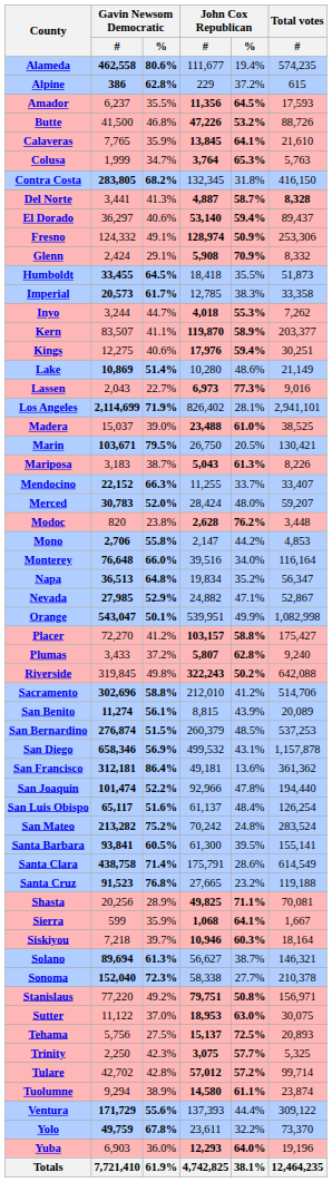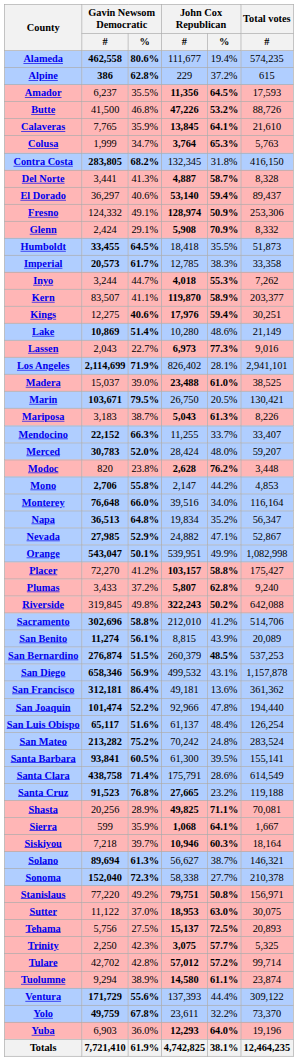 <table class="wikitable sortable" style="font-size: 95%">
 <tr>
 <th rowspan="2">County</th>
 <th colspan="2">Gavin Newsom<br>Democratic</th>
 <th colspan="2">John Cox<br>Republican</th>
 <th>Total votes</th>
 </tr>
 <tr>
 <th>#</th>
 <th>%</th>
 <th>#</th>
 <th>%</th>
 <th>#</th>
 </tr>
 <tr>
 <td bgcolor=#B0CEFF align="center"><strong><a href='#'>Alameda</a></strong></td>
 <td bgcolor=#B0CEFF align="center"><strong>462,558</strong></td>
 <td bgcolor=#B0CEFF align="center"><strong>80.6%</strong></td>
 <td bgcolor=#B0CEFF align="center">111,677</td>
 <td bgcolor=#B0CEFF align="center">19.4%</td>
 <td bgcolor=#B0CEFF align="center">574,235</td>
 </tr>
 <tr>
 <td bgcolor=#B0CEFF align="center"><strong><a href='#'>Alpine</a></strong></td>
 <td bgcolor=#B0CEFF align="center"><strong>386</strong></td>
 <td bgcolor=#B0CEFF align="center"><strong>62.8%</strong></td>
 <td bgcolor=#B0CEFF align="center">229</td>
 <td bgcolor=#B0CEFF align="center">37.2%</td>
 <td bgcolor=#B0CEFF align="center">615</td>
 </tr>
 <tr>
 <td bgcolor=#FFB6B6 align="center"><strong><a href='#'>Amador</a></strong></td>
 <td bgcolor=#FFB6B6 align="center">6,237</td>
 <td bgcolor=#FFB6B6 align="center">35.5%</td>
 <td bgcolor=#FFB6B6 align="center"><strong>11,356</strong></td>
 <td bgcolor=#FFB6B6 align="center"><strong>64.5%</strong></td>
 <td bgcolor=#FFB6B6 align="center">17,593</td>
 </tr>
 <tr>
 <td bgcolor=#FFB6B6 align="center"><strong><a href='#'>Butte</a></strong></td>
 <td bgcolor=#FFB6B6 align="center">41,500</td>
 <td bgcolor=#FFB6B6 align="center">46.8%</td>
 <td bgcolor=#FFB6B6 align="center"><strong>47,226</strong></td>
 <td bgcolor=#FFB6B6 align="center"><strong>53.2%</strong></td>
 <td bgcolor=#FFB6B6 align="center">88,726</td>
 </tr>
 <tr>
 <td bgcolor=#FFB6B6 align="center"><strong><a href='#'>Calaveras</a></strong></td>
 <td bgcolor=#FFB6B6 align="center">7,765</td>
 <td bgcolor=#FFB6B6 align="center">35.9%</td>
 <td bgcolor=#FFB6B6 align="center"><strong>13,845</strong></td>
 <td bgcolor=#FFB6B6 align="center"><strong>64.1%</strong></td>
 <td bgcolor=#FFB6B6 align="center">21,610</td>
 </tr>
 <tr>
 <td bgcolor=#FFB6B6 align="center"><strong><a href='#'>Colusa</a></strong></td>
 <td bgcolor=#FFB6B6 align="center">1,999</td>
 <td bgcolor=#FFB6B6 align="center">34.7%</td>
 <td bgcolor=#FFB6B6 align="center"><strong>3,764</strong></td>
 <td bgcolor=#FFB6B6 align="center"><strong>65.3%</strong></td>
 <td bgcolor=#FFB6B6 align="center">5,763</td>
 </tr>
 <tr>
 <td bgcolor=#B0CEFF align="center"><strong><a href='#'>Contra Costa</a></strong></td>
 <td bgcolor=#B0CEFF align="center"><strong>283,805</strong></td>
 <td bgcolor=#B0CEFF align="center"><strong>68.2%</strong></td>
 <td bgcolor=#B0CEFF align="center">132,345</td>
 <td bgcolor=#B0CEFF align="center">31.8%</td>
 <td bgcolor=#B0CEFF align="center">416,150</td>
 </tr>
 <tr>
 <td bgcolor=#FFB6B6 align="center"><strong><a href='#'>Del Norte</a></strong></td>
 <td bgcolor=#FFB6B6 align="center">3,441</td>
 <td bgcolor=#FFB6B6 align="center">41.3%</td>
 <td bgcolor=#FFB6B6 align="center"><strong>4,887</strong></td>
 <td bgcolor=#FFB6B6 align="center"><strong>58.7%</strong></td>
-<td bgcolor=#FFB6B6 align="center"><strong>8,328</strong></td>
+<td bgcolor=#FFB6B6 align="center">8,328</td>
 </tr>
 <tr>
 <td bgcolor=#FFB6B6 align="center"><strong><a href='#'>El Dorado</a></strong></td>
 <td bgcolor=#FFB6B6 align="center">36,297</td>
 <td bgcolor=#FFB6B6 align="center">40.6%</td>
 <td bgcolor=#FFB6B6 align="center"><strong>53,140</strong></td>
 <td bgcolor=#FFB6B6 align="center"><strong>59.4%</strong></td>
 <td bgcolor=#FFB6B6 align="center">89,437</td>
 </tr>
 <tr>
 <td bgcolor=#FFB6B6 align="center"><strong><a href='#'>Fresno</a></strong></td>
 <td bgcolor=#FFB6B6 align="center">124,332</td>
 <td bgcolor=#FFB6B6 align="center">49.1%</td>
 <td bgcolor=#FFB6B6 align="center"><strong>128,974</strong></td>
 <td bgcolor=#FFB6B6 align="center"><strong>50.9%</strong></td>
 <td bgcolor=#FFB6B6 align="center">253,306</td>
 </tr>
 <tr>
 <td bgcolor=#FFB6B6 align="center"><strong><a href='#'>Glenn</a></strong></td>
 <td bgcolor=#FFB6B6 align="center">2,424</td>
 <td bgcolor=#FFB6B6 align="center">29.1%</td>
 <td bgcolor=#FFB6B6 align="center"><strong>5,908</strong></td>
 <td bgcolor=#FFB6B6 align="center"><strong>70.9%</strong></td>
 <td bgcolor=#FFB6B6 align="center">8,332</td>
 </tr>
 <tr>
 <td bgcolor=#B0CEFF align="center"><strong><a href='#'>Humboldt</a></strong></td>
 <td bgcolor=#B0CEFF align="center"><strong>33,455</strong></td>
 <td bgcolor=#B0CEFF align="center"><strong>64.5%</strong></td>
 <td bgcolor=#B0CEFF align="center">18,418</td>
 <td bgcolor=#B0CEFF align="center">35.5%</td>
 <td bgcolor=#B0CEFF align="center">51,873</td>
 </tr>
 <tr>
 <td bgcolor=#B0CEFF align="center"><strong><a href='#'>Imperial</a></strong></td>
 <td bgcolor=#B0CEFF align="center"><strong>20,573</strong></td>
 <td bgcolor=#B0CEFF align="center"><strong>61.7%</strong></td>
 <td bgcolor=#B0CEFF align="center">12,785</td>
 <td bgcolor=#B0CEFF align="center">38.3%</td>
 <td bgcolor=#B0CEFF align="center">33,358</td>
 </tr>
 <tr>
 <td bgcolor=#FFB6B6 align="center"><strong><a href='#'>Inyo</a></strong></td>
 <td bgcolor=#FFB6B6 align="center">3,244</td>
 <td bgcolor=#FFB6B6 align="center">44.7%</td>
 <td bgcolor=#FFB6B6 align="center"><strong>4,018</strong></td>
 <td bgcolor=#FFB6B6 align="center"><strong>55.3%</strong></td>
 <td bgcolor=#FFB6B6 align="center">7,262</td>
 </tr>
 <tr>
 <td bgcolor=#FFB6B6 align="center"><strong><a href='#'>Kern</a></strong></td>
 <td bgcolor=#FFB6B6 align="center">83,507</td>
 <td bgcolor=#FFB6B6 align="center">41.1%</td>
 <td bgcolor=#FFB6B6 align="center"><strong>119,870</strong></td>
 <td bgcolor=#FFB6B6 align="center"><strong>58.9%</strong></td>
 <td bgcolor=#FFB6B6 align="center">203,377</td>
 </tr>
 <tr>
 <td bgcolor=#FFB6B6 align="center"><strong><a href='#'>Kings</a></strong></td>
 <td bgcolor=#FFB6B6 align="center">12,275</td>
-<td bgcolor=#FFB6B6 align="center">40.6%</td>
+<td bgcolor=#FFB6B6 align="center"><strong>40.6%</strong></td>
 <td bgcolor=#FFB6B6 align="center"><strong>17,976</strong></td>
 <td bgcolor=#FFB6B6 align="center"><strong>59.4%</strong></td>
 <td bgcolor=#FFB6B6 align="center">30,251</td>
 </tr>
 <tr>
 <td bgcolor=#B0CEFF align="center"><strong><a href='#'>Lake</a></strong></td>
 <td bgcolor=#B0CEFF align="center"><strong>10,869</strong></td>
 <td bgcolor=#B0CEFF align="center"><strong>51.4%</strong></td>
 <td bgcolor=#B0CEFF align="center">10,280</td>
 <td bgcolor=#B0CEFF align="center">48.6%</td>
 <td bgcolor=#B0CEFF align="center">21,149</td>
 </tr>
 <tr>
 <td bgcolor=#FFB6B6 align="center"><strong><a href='#'>Lassen</a></strong></td>
 <td bgcolor=#FFB6B6 align="center">2,043</td>
 <td bgcolor=#FFB6B6 align="center">22.7%</td>
 <td bgcolor=#FFB6B6 align="center"><strong>6,973</strong></td>
 <td bgcolor=#FFB6B6 align="center"><strong>77.3%</strong></td>
 <td bgcolor=#FFB6B6 align="center">9,016</td>
 </tr>
 <tr>
 <td bgcolor=#B0CEFF align="center"><strong><a href='#'>Los Angeles</a></strong></td>
 <td bgcolor=#B0CEFF align="center"><strong>2,114,699</strong></td>
 <td bgcolor=#B0CEFF align="center"><strong>71.9%</strong></td>
 <td bgcolor=#B0CEFF align="center">826,402</td>
 <td bgcolor=#B0CEFF align="center">28.1%</td>
 <td bgcolor=#B0CEFF align="center">2,941,101</td>
 </tr>
 <tr>
 <td bgcolor=#FFB6B6 align="center"><strong><a href='#'>Madera</a></strong></td>
 <td bgcolor=#FFB6B6 align="center">15,037</td>
 <td bgcolor=#FFB6B6 align="center">39.0%</td>
 <td bgcolor=#FFB6B6 align="center"><strong>23,488</strong></td>
 <td bgcolor=#FFB6B6 align="center"><strong>61.0%</strong></td>
 <td bgcolor=#FFB6B6 align="center">38,525</td>
 </tr>
 <tr>
 <td bgcolor=#B0CEFF align="center"><strong><a href='#'>Marin</a></strong></td>
 <td bgcolor=#B0CEFF align="center"><strong>103,671</strong></td>
 <td bgcolor=#B0CEFF align="center"><strong>79.5%</strong></td>
 <td bgcolor=#B0CEFF align="center">26,750</td>
 <td bgcolor=#B0CEFF align="center">20.5%</td>
 <td bgcolor=#B0CEFF align="center">130,421</td>
 </tr>
 <tr>
 <td bgcolor=#FFB6B6 align="center"><strong><a href='#'>Mariposa</a></strong></td>
 <td bgcolor=#FFB6B6 align="center">3,183</td>
 <td bgcolor=#FFB6B6 align="center">38.7%</td>
 <td bgcolor=#FFB6B6 align="center"><strong>5,043</strong></td>
 <td bgcolor=#FFB6B6 align="center"><strong>61.3%</strong></td>
 <td bgcolor=#FFB6B6 align="center">8,226</td>
 </tr>
 <tr>
 <td bgcolor=#B0CEFF align="center"><strong><a href='#'>Mendocino</a></strong></td>
 <td bgcolor=#B0CEFF align="center"><strong>22,152</strong></td>
 <td bgcolor=#B0CEFF align="center"><strong>66.3%</strong></td>
 <td bgcolor=#B0CEFF align="center">11,255</td>
 <td bgcolor=#B0CEFF align="center">33.7%</td>
 <td bgcolor=#B0CEFF align="center">33,407</td>
 </tr>
 <tr>
 <td bgcolor=#B0CEFF align="center"><strong><a href='#'>Merced</a></strong></td>
 <td bgcolor=#B0CEFF align="center"><strong>30,783</strong></td>
 <td bgcolor=#B0CEFF align="center"><strong>52.0%</strong></td>
 <td bgcolor=#B0CEFF align="center">28,424</td>
 <td bgcolor=#B0CEFF align="center">48.0%</td>
 <td bgcolor=#B0CEFF align="center">59,207</td>
 </tr>
 <tr>
 <td bgcolor=#FFB6B6 align="center"><strong><a href='#'>Modoc</a></strong></td>
 <td bgcolor=#FFB6B6 align="center">820</td>
 <td bgcolor=#FFB6B6 align="center">23.8%</td>
 <td bgcolor=#FFB6B6 align="center"><strong>2,628</strong></td>
 <td bgcolor=#FFB6B6 align="center"><strong>76.2%</strong></td>
 <td bgcolor=#FFB6B6 align="center">3,448</td>
 </tr>
 <tr>
 <td bgcolor=#B0CEFF align="center"><strong><a href='#'>Mono</a></strong></td>
 <td bgcolor=#B0CEFF align="center"><strong>2,706</strong></td>
 <td bgcolor=#B0CEFF align="center"><strong>55.8%</strong></td>
 <td bgcolor=#B0CEFF align="center">2,147</td>
 <td bgcolor=#B0CEFF align="center">44.2%</td>
 <td bgcolor=#B0CEFF align="center">4,853</td>
 </tr>
 <tr>
 <td bgcolor=#B0CEFF align="center"><strong><a href='#'>Monterey</a></strong></td>
 <td bgcolor=#B0CEFF align="center"><strong>76,648</strong></td>
 <td bgcolor=#B0CEFF align="center"><strong>66.0%</strong></td>
 <td bgcolor=#B0CEFF align="center">39,516</td>
 <td bgcolor=#B0CEFF align="center">34.0%</td>
 <td bgcolor=#B0CEFF align="center">116,164</td>
 </tr>
 <tr>
 <td bgcolor=#B0CEFF align="center"><strong><a href='#'>Napa</a></strong></td>
 <td bgcolor=#B0CEFF align="center"><strong>36,513</strong></td>
 <td bgcolor=#B0CEFF align="center"><strong>64.8%</strong></td>
 <td bgcolor=#B0CEFF align="center">19,834</td>
 <td bgcolor=#B0CEFF align="center">35.2%</td>
 <td bgcolor=#B0CEFF align="center">56,347</td>
 </tr>
 <tr>
 <td bgcolor=#B0CEFF align="center"><strong><a href='#'>Nevada</a></strong></td>
 <td bgcolor=#B0CEFF align="center"><strong>27,985</strong></td>
 <td bgcolor=#B0CEFF align="center"><strong>52.9%</strong></td>
 <td bgcolor=#B0CEFF align="center">24,882</td>
 <td bgcolor=#B0CEFF align="center">47.1%</td>
 <td bgcolor=#B0CEFF align="center">52,867</td>
 </tr>
 <tr>
 <td bgcolor=#B0CEFF align="center"><strong><a href='#'>Orange</a></strong></td>
 <td bgcolor=#B0CEFF align="center"><strong>543,047</strong></td>
 <td bgcolor=#B0CEFF align="center"><strong>50.1%</strong></td>
 <td bgcolor=#B0CEFF align="center">539,951</td>
 <td bgcolor=#B0CEFF align="center">49.9%</td>
 <td bgcolor=#B0CEFF align="center">1,082,998</td>
 </tr>
 <tr>
 <td bgcolor=#FFB6B6 align="center"><strong><a href='#'>Placer</a></strong></td>
 <td bgcolor=#FFB6B6 align="center">72,270</td>
 <td bgcolor=#FFB6B6 align="center">41.2%</td>
 <td bgcolor=#FFB6B6 align="center"><strong>103,157</strong></td>
 <td bgcolor=#FFB6B6 align="center"><strong>58.8%</strong></td>
 <td bgcolor=#FFB6B6 align="center">175,427</td>
 </tr>
 <tr>
 <td bgcolor=#FFB6B6 align="center"><strong><a href='#'>Plumas</a></strong></td>
 <td bgcolor=#FFB6B6 align="center">3,433</td>
 <td bgcolor=#FFB6B6 align="center">37.2%</td>
 <td bgcolor=#FFB6B6 align="center"><strong>5,807</strong></td>
 <td bgcolor=#FFB6B6 align="center"><strong>62.8%</strong></td>
 <td bgcolor=#FFB6B6 align="center">9,240</td>
 </tr>
 <tr>
 <td bgcolor=#FFB6B6 align="center"><strong><a href='#'>Riverside</a></strong></td>
 <td bgcolor=#FFB6B6 align="center">319,845</td>
 <td bgcolor=#FFB6B6 align="center">49.8%</td>
 <td bgcolor=#FFB6B6 align="center"><strong>322,243</strong></td>
 <td bgcolor=#FFB6B6 align="center"><strong>50.2%</strong></td>
 <td bgcolor=#FFB6B6 align="center">642,088</td>
 </tr>
 <tr>
 <td bgcolor=#B0CEFF align="center"><strong><a href='#'>Sacramento</a></strong></td>
 <td bgcolor=#B0CEFF align="center"><strong>302,696</strong></td>
 <td bgcolor=#B0CEFF align="center"><strong>58.8%</strong></td>
 <td bgcolor=#B0CEFF align="center">212,010</td>
 <td bgcolor=#B0CEFF align="center">41.2%</td>
 <td bgcolor=#B0CEFF align="center">514,706</td>
 </tr>
 <tr>
 <td bgcolor=#B0CEFF align="center"><strong><a href='#'>San Benito</a></strong></td>
 <td bgcolor=#B0CEFF align="center"><strong>11,274</strong></td>
 <td bgcolor=#B0CEFF align="center"><strong>56.1%</strong></td>
 <td bgcolor=#B0CEFF align="center">8,815</td>
 <td bgcolor=#B0CEFF align="center">43.9%</td>
 <td bgcolor=#B0CEFF align="center">20,089</td>
 </tr>
 <tr>
 <td bgcolor=#B0CEFF align="center"><strong><a href='#'>San Bernardino</a></strong></td>
 <td bgcolor=#B0CEFF align="center"><strong>276,874</strong></td>
 <td bgcolor=#B0CEFF align="center"><strong>51.5%</strong></td>
 <td bgcolor=#B0CEFF align="center">260,379</td>
-<td bgcolor=#B0CEFF align="center">48.5%</td>
+<td bgcolor=#B0CEFF align="center"><strong>48.5%</strong></td>
 <td bgcolor=#B0CEFF align="center">537,253</td>
 </tr>
 <tr>
 <td bgcolor=#B0CEFF align="center"><strong><a href='#'>San Diego</a></strong></td>
 <td bgcolor=#B0CEFF align="center"><strong>658,346</strong></td>
 <td bgcolor=#B0CEFF align="center"><strong>56.9%</strong></td>
 <td bgcolor=#B0CEFF align="center">499,532</td>
 <td bgcolor=#B0CEFF align="center">43.1%</td>
 <td bgcolor=#B0CEFF align="center">1,157,878</td>
 </tr>
 <tr>
 <td bgcolor=#B0CEFF align="center"><strong><a href='#'>San Francisco</a></strong></td>
 <td bgcolor=#B0CEFF align="center"><strong>312,181</strong></td>
 <td bgcolor=#B0CEFF align="center"><strong>86.4%</strong></td>
 <td bgcolor=#B0CEFF align="center">49,181</td>
 <td bgcolor=#B0CEFF align="center">13.6%</td>
 <td bgcolor=#B0CEFF align="center">361,362</td>
 </tr>
 <tr>
 <td bgcolor=#B0CEFF align="center"><strong><a href='#'>San Joaquin</a></strong></td>
 <td bgcolor=#B0CEFF align="center"><strong>101,474</strong></td>
 <td bgcolor=#B0CEFF align="center"><strong>52.2%</strong></td>
 <td bgcolor=#B0CEFF align="center">92,966</td>
 <td bgcolor=#B0CEFF align="center">47.8%</td>
 <td bgcolor=#B0CEFF align="center">194,440</td>
 </tr>
 <tr>
 <td bgcolor=#B0CEFF align="center"><strong><a href='#'>San Luis Obispo</a></strong></td>
 <td bgcolor=#B0CEFF align="center"><strong>65,117</strong></td>
 <td bgcolor=#B0CEFF align="center"><strong>51.6%</strong></td>
 <td bgcolor=#B0CEFF align="center">61,137</td>
 <td bgcolor=#B0CEFF align="center">48.4%</td>
 <td bgcolor=#B0CEFF align="center">126,254</td>
 </tr>
 <tr>
 <td bgcolor=#B0CEFF align="center"><strong><a href='#'>San Mateo</a></strong></td>
 <td bgcolor=#B0CEFF align="center"><strong>213,282</strong></td>
 <td bgcolor=#B0CEFF align="center"><strong>75.2%</strong></td>
 <td bgcolor=#B0CEFF align="center">70,242</td>
 <td bgcolor=#B0CEFF align="center">24.8%</td>
 <td bgcolor=#B0CEFF align="center">283,524</td>
 </tr>
 <tr>
 <td bgcolor=#B0CEFF align="center"><strong><a href='#'>Santa Barbara</a></strong></td>
 <td bgcolor=#B0CEFF align="center"><strong>93,841</strong></td>
 <td bgcolor=#B0CEFF align="center"><strong>60.5%</strong></td>
 <td bgcolor=#B0CEFF align="center">61,300</td>
 <td bgcolor=#B0CEFF align="center">39.5%</td>
 <td bgcolor=#B0CEFF align="center">155,141</td>
 </tr>
 <tr>
 <td bgcolor=#B0CEFF align="center"><strong><a href='#'>Santa Clara</a></strong></td>
 <td bgcolor=#B0CEFF align="center"><strong>438,758</strong></td>
 <td bgcolor=#B0CEFF align="center"><strong>71.4%</strong></td>
 <td bgcolor=#B0CEFF align="center">175,791</td>
 <td bgcolor=#B0CEFF align="center">28.6%</td>
 <td bgcolor=#B0CEFF align="center">614,549</td>
 </tr>
 <tr>
 <td bgcolor=#B0CEFF align="center"><strong><a href='#'>Santa Cruz</a></strong></td>
 <td bgcolor=#B0CEFF align="center"><strong>91,523</strong></td>
 <td bgcolor=#B0CEFF align="center"><strong>76.8%</strong></td>
-<td bgcolor=#B0CEFF align="center">27,665</td>
+<td bgcolor=#B0CEFF align="center"><strong>27,665</strong></td>
 <td bgcolor=#B0CEFF align="center">23.2%</td>
 <td bgcolor=#B0CEFF align="center">119,188</td>
 </tr>
 <tr>
 <td bgcolor=#FFB6B6 align="center"><strong><a href='#'>Shasta</a></strong></td>
 <td bgcolor=#FFB6B6 align="center">20,256</td>
 <td bgcolor=#FFB6B6 align="center">28.9%</td>
 <td bgcolor=#FFB6B6 align="center"><strong>49,825</strong></td>
 <td bgcolor=#FFB6B6 align="center"><strong>71.1%</strong></td>
 <td bgcolor=#FFB6B6 align="center">70,081</td>
 </tr>
 <tr>
 <td bgcolor=#FFB6B6 align="center"><strong><a href='#'>Sierra</a></strong></td>
 <td bgcolor=#FFB6B6 align="center">599</td>
 <td bgcolor=#FFB6B6 align="center">35.9%</td>
 <td bgcolor=#FFB6B6 align="center"><strong>1,068</strong></td>
 <td bgcolor=#FFB6B6 align="center"><strong>64.1%</strong></td>
 <td bgcolor=#FFB6B6 align="center">1,667</td>
 </tr>
 <tr>
 <td bgcolor=#FFB6B6 align="center"><strong><a href='#'>Siskiyou</a></strong></td>
 <td bgcolor=#FFB6B6 align="center">7,218</td>
 <td bgcolor=#FFB6B6 align="center">39.7%</td>
 <td bgcolor=#FFB6B6 align="center"><strong>10,946</strong></td>
 <td bgcolor=#FFB6B6 align="center"><strong>60.3%</strong></td>
 <td bgcolor=#FFB6B6 align="center">18,164</td>
 </tr>
 <tr>
 <td bgcolor=#B0CEFF align="center"><strong><a href='#'>Solano</a></strong></td>
 <td bgcolor=#B0CEFF align="center"><strong>89,694</strong></td>
 <td bgcolor=#B0CEFF align="center"><strong>61.3%</strong></td>
 <td bgcolor=#B0CEFF align="center">56,627</td>
 <td bgcolor=#B0CEFF align="center">38.7%</td>
 <td bgcolor=#B0CEFF align="center">146,321</td>
 </tr>
 <tr>
 <td bgcolor=#B0CEFF align="center"><strong><a href='#'>Sonoma</a></strong></td>
 <td bgcolor=#B0CEFF align="center"><strong>152,040</strong></td>
 <td bgcolor=#B0CEFF align="center"><strong>72.3%</strong></td>
 <td bgcolor=#B0CEFF align="center">58,338</td>
 <td bgcolor=#B0CEFF align="center">27.7%</td>
 <td bgcolor=#B0CEFF align="center">210,378</td>
 </tr>
 <tr>
 <td bgcolor=#FFB6B6 align="center"><strong><a href='#'>Stanislaus</a></strong></td>
 <td bgcolor=#FFB6B6 align="center">77,220</td>
 <td bgcolor=#FFB6B6 align="center">49.2%</td>
 <td bgcolor=#FFB6B6 align="center"><strong>79,751</strong></td>
 <td bgcolor=#FFB6B6 align="center"><strong>50.8%</strong></td>
 <td bgcolor=#FFB6B6 align="center">156,971</td>
 </tr>
 <tr>
 <td bgcolor=#FFB6B6 align="center"><strong><a href='#'>Sutter</a></strong></td>
 <td bgcolor=#FFB6B6 align="center">11,122</td>
 <td bgcolor=#FFB6B6 align="center">37.0%</td>
 <td bgcolor=#FFB6B6 align="center"><strong>18,953</strong></td>
 <td bgcolor=#FFB6B6 align="center"><strong>63.0%</strong></td>
 <td bgcolor=#FFB6B6 align="center">30,075</td>
 </tr>
 <tr>
 <td bgcolor=#FFB6B6 align="center"><strong><a href='#'>Tehama</a></strong></td>
 <td bgcolor=#FFB6B6 align="center">5,756</td>
 <td bgcolor=#FFB6B6 align="center">27.5%</td>
 <td bgcolor=#FFB6B6 align="center"><strong>15,137</strong></td>
 <td bgcolor=#FFB6B6 align="center"><strong>72.5%</strong></td>
 <td bgcolor=#FFB6B6 align="center">20,893</td>
 </tr>
 <tr>
 <td bgcolor=#FFB6B6 align="center"><strong><a href='#'>Trinity</a></strong></td>
 <td bgcolor=#FFB6B6 align="center">2,250</td>
 <td bgcolor=#FFB6B6 align="center">42.3%</td>
 <td bgcolor=#FFB6B6 align="center"><strong>3,075</strong></td>
 <td bgcolor=#FFB6B6 align="center"><strong>57.7%</strong></td>
 <td bgcolor=#FFB6B6 align="center">5,325</td>
 </tr>
 <tr>
 <td bgcolor=#FFB6B6 align="center"><strong><a href='#'>Tulare</a></strong></td>
 <td bgcolor=#FFB6B6 align="center">42,702</td>
 <td bgcolor=#FFB6B6 align="center">42.8%</td>
 <td bgcolor=#FFB6B6 align="center"><strong>57,012</strong></td>
 <td bgcolor=#FFB6B6 align="center"><strong>57.2%</strong></td>
 <td bgcolor=#FFB6B6 align="center">99,714</td>
 </tr>
 <tr>
 <td bgcolor=#FFB6B6 align="center"><strong><a href='#'>Tuolumne</a></strong></td>
 <td bgcolor=#FFB6B6 align="center">9,294</td>
 <td bgcolor=#FFB6B6 align="center">38.9%</td>
 <td bgcolor=#FFB6B6 align="center"><strong>14,580</strong></td>
 <td bgcolor=#FFB6B6 align="center"><strong>61.1%</strong></td>
 <td bgcolor=#FFB6B6 align="center">23,874</td>
 </tr>
 <tr>
 <td bgcolor=#B0CEFF align="center"><strong><a href='#'>Ventura</a></strong></td>
 <td bgcolor=#B0CEFF align="center"><strong>171,729</strong></td>
 <td bgcolor=#B0CEFF align="center"><strong>55.6%</strong></td>
 <td bgcolor=#B0CEFF align="center">137,393</td>
 <td bgcolor=#B0CEFF align="center">44.4%</td>
 <td bgcolor=#B0CEFF align="center">309,122</td>
 </tr>
 <tr>
 <td bgcolor=#B0CEFF align="center"><strong><a href='#'>Yolo</a></strong></td>
 <td bgcolor=#B0CEFF align="center"><strong>49,759</strong></td>
 <td bgcolor=#B0CEFF align="center"><strong>67.8%</strong></td>
 <td bgcolor=#B0CEFF align="center">23,611</td>
 <td bgcolor=#B0CEFF align="center">32.2%</td>
 <td bgcolor=#B0CEFF align="center">73,370</td>
 </tr>
 <tr>
 <td bgcolor=#FFB6B6 align="center"><strong><a href='#'>Yuba</a></strong></td>
 <td bgcolor=#FFB6B6 align="center">6,903</td>
 <td bgcolor=#FFB6B6 align="center">36.0%</td>
 <td bgcolor=#FFB6B6 align="center"><strong>12,293</strong></td>
 <td bgcolor=#FFB6B6 align="center"><strong>64.0%</strong></td>
 <td bgcolor=#FFB6B6 align="center">19,196</td>
 </tr>
 <tr>
 <th>Totals</th>
 <th>7,721,410</th>
 <th>61.9%</th>
 <th>4,742,825</th>
 <th>38.1%</th>
 <th>12,464,235</th>
 </tr>
 </table>
